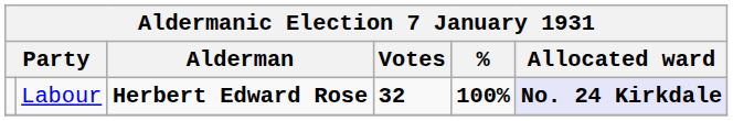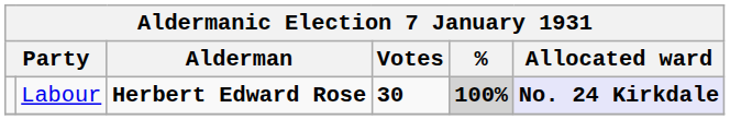 <table class="wikitable">
 <tr>
 <th colspan="6"><strong>Aldermanic Election 7 January 1931</strong></th>
 </tr>
 <tr>
 <th colspan="2">Party</th>
 <th>Alderman</th>
 <th>Votes</th>
 <th>%</th>
 <th>Allocated ward</th>
 </tr>
 <tr>
 <td style="background-color:"></td>
 <td><a href='#'>Labour</a></td>
 <td><strong>Herbert Edward Rose</strong></td>
-<td><strong>32</strong></td>
-<td><strong>100%</strong></td>
+<td><strong>30</strong></td>
+<td style="background: lightgrey;"><strong>100%</strong></td>
 <td style="background: lavender;"><strong>No. 24 Kirkdale</strong></td>
 </tr>
 <tr>
 </tr>
 </table>
